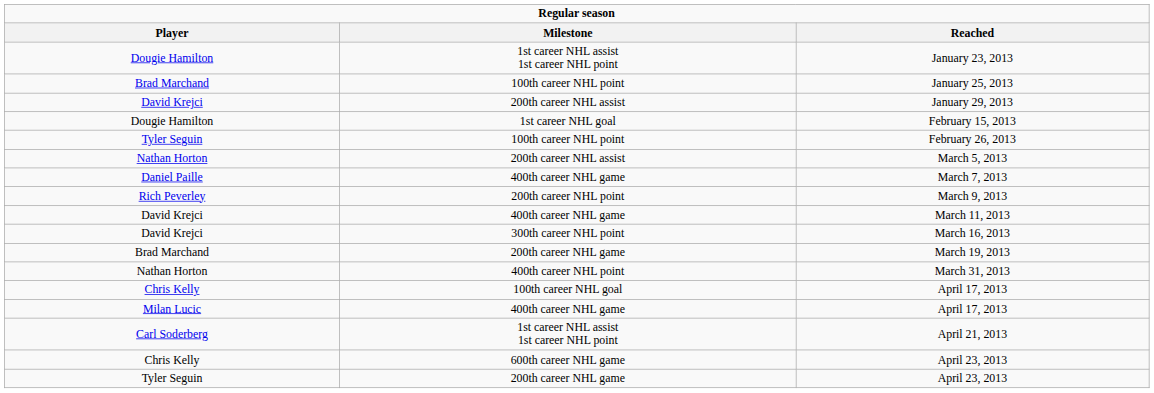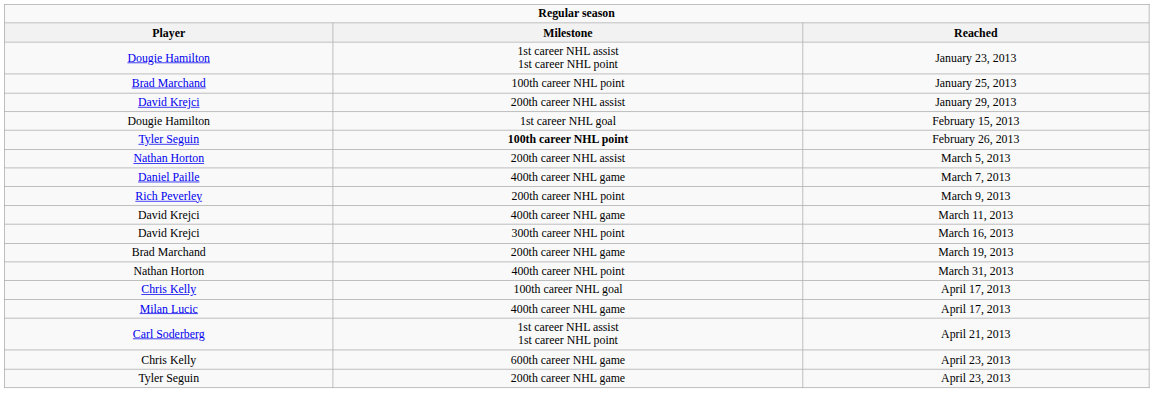 <table class="wikitable" width="78%" style="text-align:center">
 <tr>
 <td colspan="10" align="center"><strong>Regular season</strong></td>
 </tr>
 <tr>
 <th>Player</th>
 <th>Milestone</th>
 <th>Reached</th>
 </tr>
 <tr>
 <td><a href='#'>Dougie Hamilton</a></td>
 <td>1st career NHL assist<br>1st career NHL point</td>
 <td>January 23, 2013</td>
 </tr>
 <tr>
 <td><a href='#'>Brad Marchand</a></td>
 <td>100th career NHL point</td>
 <td>January 25, 2013</td>
 </tr>
 <tr>
 <td><a href='#'>David Krejci</a></td>
 <td>200th career NHL assist</td>
 <td>January 29, 2013</td>
 </tr>
 <tr>
 <td>Dougie Hamilton</td>
 <td>1st career NHL goal</td>
 <td>February 15, 2013</td>
 </tr>
 <tr>
 <td><a href='#'>Tyler Seguin</a></td>
-<td>100th career NHL point</td>
+<td><strong>100th career NHL point</strong></td>
 <td>February 26, 2013</td>
 </tr>
 <tr>
 <td><a href='#'>Nathan Horton</a></td>
 <td>200th career NHL assist</td>
 <td>March 5, 2013</td>
 </tr>
 <tr>
 <td><a href='#'>Daniel Paille</a></td>
 <td>400th career NHL game</td>
 <td>March 7, 2013</td>
 </tr>
 <tr>
 <td><a href='#'>Rich Peverley</a></td>
 <td>200th career NHL point</td>
 <td>March 9, 2013</td>
 </tr>
 <tr>
 <td>David Krejci</td>
 <td>400th career NHL game</td>
 <td>March 11, 2013</td>
 </tr>
 <tr>
 <td>David Krejci</td>
 <td>300th career NHL point</td>
 <td>March 16, 2013</td>
 </tr>
 <tr>
 <td>Brad Marchand</td>
 <td>200th career NHL game</td>
 <td>March 19, 2013</td>
 </tr>
 <tr>
 <td>Nathan Horton</td>
 <td>400th career NHL point</td>
 <td>March 31, 2013</td>
 </tr>
 <tr>
 <td><a href='#'>Chris Kelly</a></td>
 <td>100th career NHL goal</td>
 <td>April 17, 2013</td>
 </tr>
 <tr>
 <td><a href='#'>Milan Lucic</a></td>
 <td>400th career NHL game</td>
 <td>April 17, 2013</td>
 </tr>
 <tr>
 <td><a href='#'>Carl Soderberg</a></td>
 <td>1st career NHL assist<br>1st career NHL point</td>
 <td>April 21, 2013</td>
 </tr>
 <tr>
 <td>Chris Kelly</td>
 <td>600th career NHL game</td>
 <td>April 23, 2013</td>
 </tr>
 <tr>
 <td>Tyler Seguin</td>
 <td>200th career NHL game</td>
 <td>April 23, 2013</td>
 </tr>
 </table>
